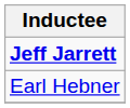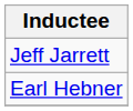 <table class="wikitable">
 <tr>
 <th>Inductee</th>
 </tr>
 <tr>
-<td><strong><a href='#'>Jeff Jarrett</a></strong></td>
+<td><a href='#'>Jeff Jarrett</a></td>
 </tr>
 <tr>
 <td><a href='#'>Earl Hebner</a></td>
 </tr>
 <tr>
 </tr>
 </table>
